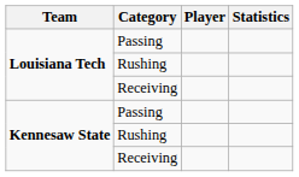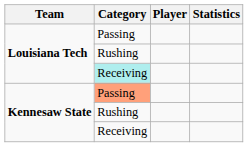 <table class="wikitable" style="float: right;">
 <tr>
 <th>Team</th>
 <th>Category</th>
 <th>Player</th>
 <th>Statistics</th>
 </tr>
 <tr>
 <td rowspan=3><strong>Louisiana Tech</strong></td>
 <td>Passing</td>
 <td></td>
 <td></td>
 </tr>
 <tr>
 <td>Rushing</td>
 <td></td>
 <td></td>
 </tr>
 <tr>
-<td>Receiving</td>
+<td style="background: paleturquoise;">Receiving</td>
 <td></td>
 <td></td>
 </tr>
 <tr>
 <td rowspan=3><strong>Kennesaw State</strong></td>
-<td>Passing</td>
+<td style="background: lightsalmon;">Passing</td>
 <td></td>
 <td></td>
 </tr>
 <tr>
 <td>Rushing</td>
 <td></td>
 <td></td>
 </tr>
 <tr>
 <td>Receiving</td>
 <td></td>
 <td></td>
 </tr>
 </table>
